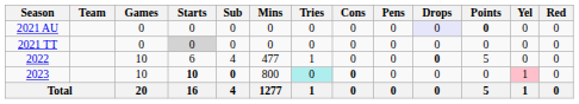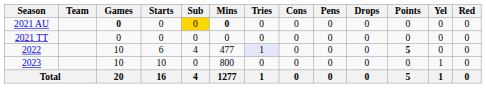 <table class="wikitable" style="text-align:center; line-height:90%; font-size:95%; width:60%;">
 <tr>
 <th>Season</th>
 <th>Team</th>
 <th>Games</th>
 <th>Starts</th>
 <th>Sub</th>
 <th>Mins</th>
 <th>Tries</th>
 <th>Cons</th>
 <th>Pens</th>
 <th>Drops</th>
 <th>Points</th>
 <th>Yel</th>
 <th>Red</th>
 </tr>
 <tr>
 <td><a href='#'>2021 AU</a></td>
 <td></td>
+<td><strong>0</strong></td>
+<td>0</td>
+<td style="background: gold;">0</td>
+<td><strong>0</strong></td>
 <td>0</td>
 <td>0</td>
 <td>0</td>
 <td>0</td>
 <td>0</td>
 <td>0</td>
 <td>0</td>
-<td style="background: lavender;">0</td>
-<td><strong>0</strong></td>
-<td>0</td>
-<td>0</td>
 </tr>
 <tr>
 <td><a href='#'>2021 TT</a></td>
 <td></td>
 <td>0</td>
-<td style="background: lightgrey;">0</td>
+<td>0</td>
 <td>0</td>
 <td>0</td>
 <td>0</td>
 <td>0</td>
 <td>0</td>
 <td>0</td>
 <td>0</td>
 <td>0</td>
 <td>0</td>
 </tr>
 <tr>
 <td><a href='#'>2022</a></td>
 <td></td>
 <td>10</td>
 <td>6</td>
 <td>4</td>
 <td>477</td>
-<td>1</td>
+<td style="background: lavender;">1</td>
 <td>0</td>
 <td>0</td>
-<td><strong>0</strong></td>
-<td>5</td>
+<td>0</td>
+<td><strong>5</strong></td>
 <td>0</td>
 <td>0</td>
 </tr>
 <tr>
 <td><a href='#'>2023</a></td>
 <td></td>
 <td>10</td>
-<td><strong>10</strong></td>
-<td><strong>0</strong></td>
+<td>10</td>
+<td>0</td>
 <td>800</td>
-<td style="background: paleturquoise;">0</td>
-<td><strong>0</strong></td>
 <td>0</td>
 <td>0</td>
 <td>0</td>
-<td style="background: pink;">1</td>
+<td>0</td>
+<td>0</td>
+<td>1</td>
 <td>0</td>
 </tr>
 <tr>
 <th colspan="2">Total</th>
 <th>20</th>
 <th>16</th>
 <th>4</th>
 <th>1277</th>
 <th>1</th>
 <th>0</th>
 <th>0</th>
 <th>0</th>
 <th>5</th>
 <th>1</th>
 <th>0</th>
 </tr>
 </table>
